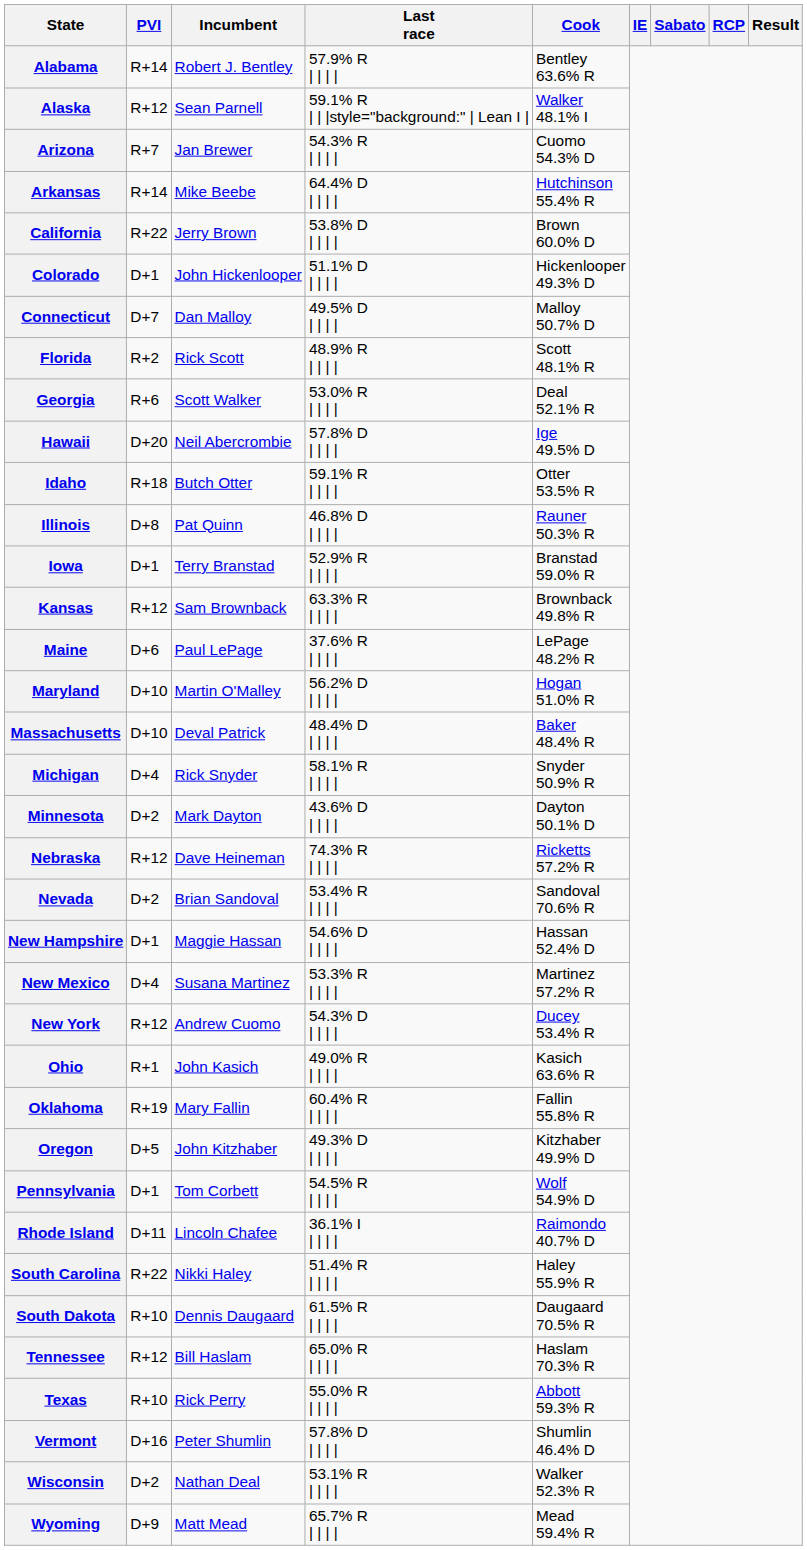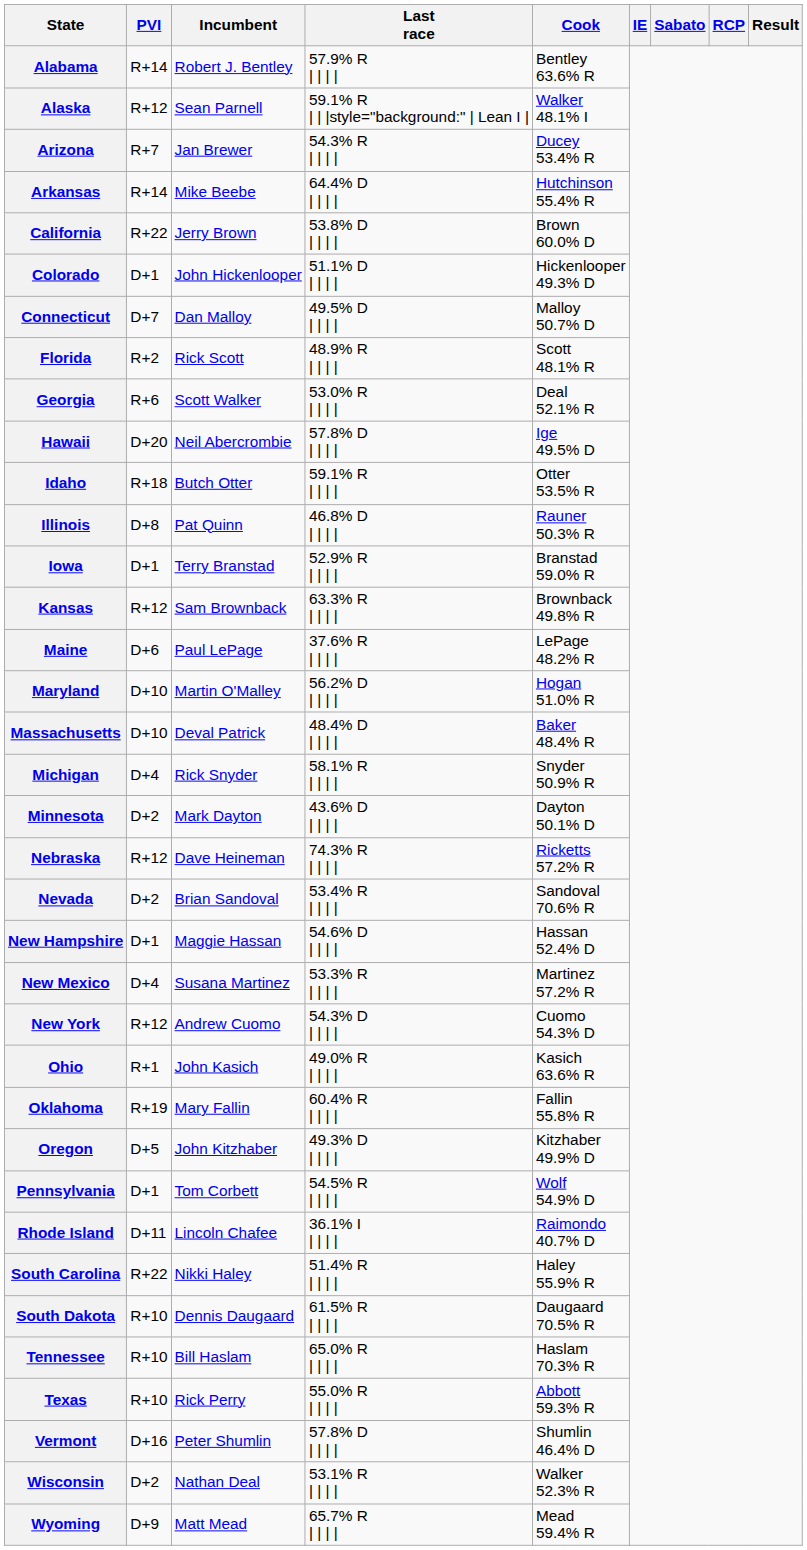 <table class="wikitable sortable">
 <tr>
 <th>State</th>
 <th><a href='#'>PVI</a></th>
 <th>Incumbent</th>
 <th>Last<br>race</th>
 <th scope="col"><a href='#'>Cook</a><br></th>
 <th><a href='#'>IE</a><br></th>
 <th><a href='#'>Sabato</a><br></th>
 <th><a href='#'>RCP</a><br></th>
 <th>Result</th>
 </tr>
 <tr>
 <th><a href='#'>Alabama</a></th>
 <td>R+14</td>
 <td><a href='#'>Robert J. Bentley</a></td>
 <td>57.9% R<br>| | | |</td>
 <td>Bentley<br>63.6% R</td>
 </tr>
 <tr>
 <th><a href='#'>Alaska</a></th>
 <td>R+12</td>
 <td><a href='#'>Sean Parnell</a></td>
 <td>59.1% R<br>| | |style="background:" | Lean I  |</td>
 <td><a href='#'>Walker</a><br>48.1% I </td>
 </tr>
 <tr>
 <th><a href='#'>Arizona</a></th>
 <td>R+7</td>
 <td><a href='#'>Jan Brewer</a> </td>
 <td>54.3% R<br>| | | |</td>
-<td>Cuomo<br>54.3% D</td>
+<td><a href='#'>Ducey</a><br>53.4% R</td>
 </tr>
 <tr>
 <th><a href='#'>Arkansas</a></th>
 <td>R+14</td>
 <td><a href='#'>Mike Beebe</a> </td>
 <td>64.4% D<br>| | | |</td>
 <td><a href='#'>Hutchinson</a><br>55.4% R </td>
 </tr>
 <tr>
 <th><a href='#'>California</a></th>
 <td>R+22</td>
 <td><a href='#'>Jerry Brown</a></td>
 <td>53.8% D<br>| | | |</td>
 <td>Brown<br>60.0% D</td>
 </tr>
 <tr>
 <th><a href='#'>Colorado</a></th>
 <td>D+1</td>
 <td><a href='#'>John Hickenlooper</a></td>
 <td>51.1% D<br>| | | |</td>
 <td>Hickenlooper<br>49.3% D</td>
 </tr>
 <tr>
 <th><a href='#'>Connecticut</a></th>
 <td>D+7</td>
 <td><a href='#'>Dan Malloy</a></td>
 <td>49.5% D<br>| | | |</td>
 <td>Malloy<br>50.7% D</td>
 </tr>
 <tr>
 <th><a href='#'>Florida</a></th>
 <td>R+2</td>
 <td><a href='#'>Rick Scott</a></td>
 <td>48.9% R<br>| | | |</td>
 <td>Scott<br>48.1% R</td>
 </tr>
 <tr>
 <th><a href='#'>Georgia</a></th>
 <td>R+6</td>
 <td><a href='#'>Scott Walker</a></td>
 <td>53.0% R<br>| | | |</td>
 <td>Deal<br>52.1% R</td>
 </tr>
 <tr>
 <th><a href='#'>Hawaii</a></th>
 <td>D+20</td>
 <td><a href='#'>Neil Abercrombie</a> </td>
 <td>57.8% D<br>| | | |</td>
 <td><a href='#'>Ige</a><br>49.5% D</td>
 </tr>
 <tr>
 <th><a href='#'>Idaho</a></th>
 <td>R+18</td>
 <td><a href='#'>Butch Otter</a></td>
 <td>59.1% R<br>| | | |</td>
 <td>Otter<br>53.5% R</td>
 </tr>
 <tr>
 <th><a href='#'>Illinois</a></th>
 <td>D+8</td>
 <td><a href='#'>Pat Quinn</a></td>
 <td>46.8% D<br>| | | |</td>
 <td><a href='#'>Rauner</a><br>50.3% R </td>
 </tr>
 <tr>
 <th><a href='#'>Iowa</a></th>
 <td>D+1</td>
 <td><a href='#'>Terry Branstad</a></td>
 <td>52.9% R<br>| | | |</td>
 <td>Branstad<br>59.0% R</td>
 </tr>
 <tr>
 <th><a href='#'>Kansas</a></th>
 <td>R+12</td>
 <td><a href='#'>Sam Brownback</a></td>
 <td>63.3% R<br>| | | |</td>
 <td>Brownback<br>49.8% R</td>
 </tr>
 <tr>
 <th><a href='#'>Maine</a></th>
 <td>D+6</td>
 <td><a href='#'>Paul LePage</a></td>
 <td>37.6% R<br>| | | |</td>
 <td>LePage<br>48.2% R</td>
 </tr>
 <tr>
 <th><a href='#'>Maryland</a></th>
 <td>D+10</td>
 <td><a href='#'>Martin O'Malley</a> </td>
 <td>56.2% D<br>| | | |</td>
 <td><a href='#'>Hogan</a><br>51.0% R </td>
 </tr>
 <tr>
 <th><a href='#'>Massachusetts</a></th>
 <td>D+10</td>
 <td><a href='#'>Deval Patrick</a> </td>
 <td>48.4% D<br>| | | |</td>
 <td><a href='#'>Baker</a><br>48.4% R </td>
 </tr>
 <tr>
 <th><a href='#'>Michigan</a></th>
 <td>D+4</td>
 <td><a href='#'>Rick Snyder</a></td>
 <td>58.1% R<br>| | | |</td>
 <td>Snyder<br>50.9% R</td>
 </tr>
 <tr>
 <th><a href='#'>Minnesota</a></th>
 <td>D+2</td>
 <td><a href='#'>Mark Dayton</a></td>
 <td>43.6% D<br>| | | |</td>
 <td>Dayton<br>50.1% D</td>
 </tr>
 <tr>
 <th><a href='#'>Nebraska</a></th>
 <td>R+12</td>
 <td><a href='#'>Dave Heineman</a> </td>
 <td>74.3% R<br>| | | |</td>
 <td><a href='#'>Ricketts</a><br>57.2% R</td>
 </tr>
 <tr>
 <th><a href='#'>Nevada</a></th>
 <td>D+2</td>
 <td><a href='#'>Brian Sandoval</a></td>
 <td>53.4% R<br>| | | |</td>
 <td>Sandoval<br>70.6% R</td>
 </tr>
 <tr>
 <th><a href='#'>New Hampshire</a></th>
 <td>D+1</td>
 <td><a href='#'>Maggie Hassan</a></td>
 <td>54.6% D<br>| | | |</td>
 <td>Hassan<br>52.4% D</td>
 </tr>
 <tr>
 <th><a href='#'>New Mexico</a></th>
 <td>D+4</td>
 <td><a href='#'>Susana Martinez</a></td>
 <td>53.3% R<br>| | | |</td>
 <td>Martinez<br>57.2% R</td>
 </tr>
 <tr>
 <th><a href='#'>New York</a></th>
 <td>R+12</td>
 <td><a href='#'>Andrew Cuomo</a></td>
 <td>54.3% D<br>| | | |</td>
-<td><a href='#'>Ducey</a><br>53.4% R</td>
+<td>Cuomo<br>54.3% D</td>
 </tr>
 <tr>
 <th><a href='#'>Ohio</a></th>
 <td>R+1</td>
 <td><a href='#'>John Kasich</a></td>
 <td>49.0% R<br>| | | |</td>
 <td>Kasich<br>63.6% R</td>
 </tr>
 <tr>
 <th><a href='#'>Oklahoma</a></th>
 <td>R+19</td>
 <td><a href='#'>Mary Fallin</a></td>
 <td>60.4% R<br>| | | |</td>
 <td>Fallin<br>55.8% R</td>
 </tr>
 <tr>
 <th><a href='#'>Oregon</a></th>
 <td>D+5</td>
 <td><a href='#'>John Kitzhaber</a></td>
 <td>49.3% D<br>| | | |</td>
 <td>Kitzhaber<br>49.9% D</td>
 </tr>
 <tr>
 <th><a href='#'>Pennsylvania</a></th>
 <td>D+1</td>
 <td><a href='#'>Tom Corbett</a></td>
 <td>54.5% R<br>| | | |</td>
 <td><a href='#'>Wolf</a><br>54.9% D </td>
 </tr>
 <tr>
 <th><a href='#'>Rhode Island</a></th>
 <td>D+11</td>
 <td><a href='#'>Lincoln Chafee</a> </td>
 <td>36.1% I<br>| | | |</td>
 <td><a href='#'>Raimondo</a><br>40.7% D</td>
 </tr>
 <tr>
 <th><a href='#'>South Carolina</a></th>
 <td>R+22</td>
 <td><a href='#'>Nikki Haley</a></td>
 <td>51.4% R<br>| | | |</td>
 <td>Haley<br>55.9% R</td>
 </tr>
 <tr>
 <th><a href='#'>South Dakota</a></th>
 <td>R+10</td>
 <td><a href='#'>Dennis Daugaard</a></td>
 <td>61.5% R<br>| | | |</td>
 <td>Daugaard<br>70.5% R</td>
 </tr>
 <tr>
 <th><a href='#'>Tennessee</a></th>
-<td>R+12</td>
+<td>R+10</td>
 <td><a href='#'>Bill Haslam</a></td>
 <td>65.0% R<br>| | | |</td>
 <td>Haslam<br>70.3% R</td>
 </tr>
 <tr>
 <th><a href='#'>Texas</a></th>
 <td>R+10</td>
 <td><a href='#'>Rick Perry</a> </td>
 <td>55.0% R<br>| | | |</td>
 <td><a href='#'>Abbott</a><br>59.3% R</td>
 </tr>
 <tr>
 <th><a href='#'>Vermont</a></th>
 <td>D+16</td>
 <td><a href='#'>Peter Shumlin</a></td>
 <td>57.8% D<br>| | | |</td>
 <td>Shumlin<br>46.4% D</td>
 </tr>
 <tr>
 <th><a href='#'>Wisconsin</a></th>
 <td>D+2</td>
 <td><a href='#'>Nathan Deal</a></td>
 <td>53.1% R<br>| | | |</td>
 <td>Walker<br>52.3% R</td>
 </tr>
 <tr>
 <th><a href='#'>Wyoming</a></th>
 <td>D+9</td>
 <td><a href='#'>Matt Mead</a></td>
 <td>65.7% R<br>| | | |</td>
 <td>Mead<br>59.4% R</td>
 </tr>
 </table>
